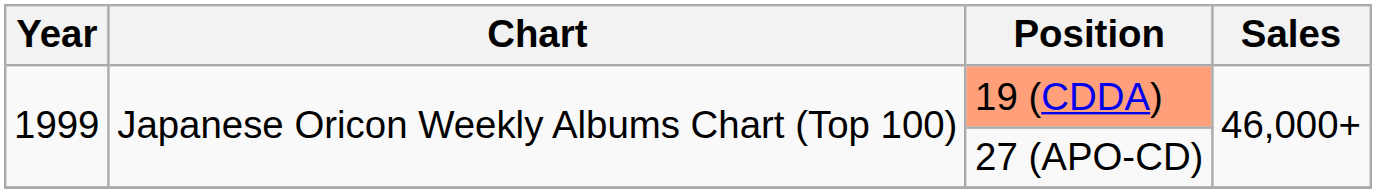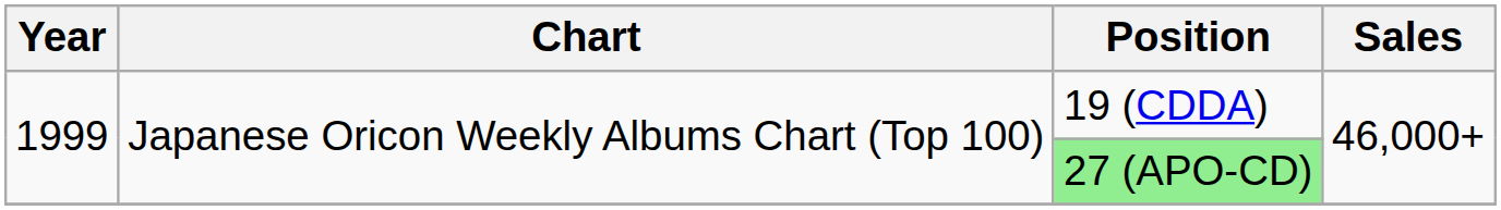 <table class="wikitable">
 <tr>
 <th>Year</th>
 <th>Chart</th>
 <th>Position</th>
 <th>Sales</th>
 </tr>
 <tr>
 <td rowspan=2>1999</td>
 <td rowspan=2>Japanese Oricon Weekly Albums Chart (Top 100)</td>
-<td style="background: lightsalmon;">19 (<a href='#'>CDDA</a>)</td>
+<td>19 (<a href='#'>CDDA</a>)</td>
 <td rowspan=2>46,000+</td>
 </tr>
 <tr>
-<td>27 (APO-CD)</td>
+<td style="background: lightgreen;">27 (APO-CD)</td>
 </tr>
 <tr>
 </tr>
 </table>
